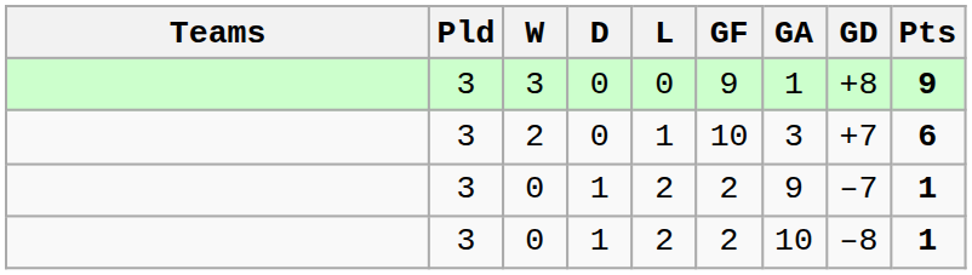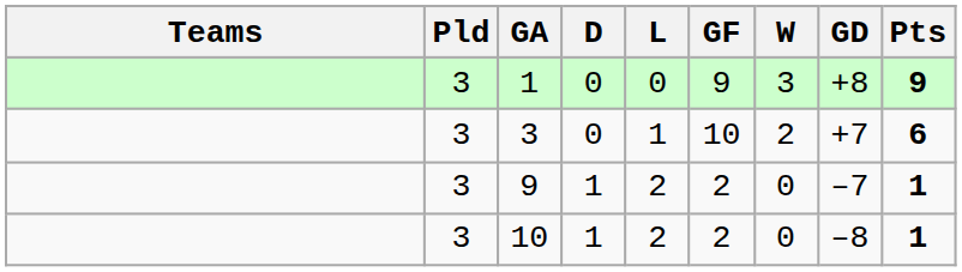 <table class="wikitable" style="text-align: center;">
 <tr>
 <th width=165>Teams</th>
 <th width=20>Pld</th>
-<th width=20>W</th>
+<th width=20>GA</th>
 <th width=20>D</th>
 <th width=20>L</th>
 <th width=20>GF</th>
-<th width=20>GA</th>
+<th width=20>W</th>
 <th width=20>GD</th>
 <th width=20>Pts</th>
 </tr>
 <tr align=center style="background:#ccffcc;">
 <td style="text-align:left;"></td>
 <td>3</td>
-<td>3</td>
+<td>1</td>
 <td>0</td>
 <td>0</td>
 <td>9</td>
-<td>1</td>
+<td>3</td>
 <td>+8</td>
 <td><strong>9</strong></td>
 </tr>
 <tr align=center>
 <td style="text-align:left;"></td>
 <td>3</td>
-<td>2</td>
+<td>3</td>
 <td>0</td>
 <td>1</td>
 <td>10</td>
-<td>3</td>
+<td>2</td>
 <td>+7</td>
 <td><strong>6</strong></td>
 </tr>
 <tr align=center>
 <td style="text-align:left;"></td>
 <td>3</td>
-<td>0</td>
+<td>9</td>
 <td>1</td>
 <td>2</td>
 <td>2</td>
-<td>9</td>
+<td>0</td>
 <td>–7</td>
 <td><strong>1</strong></td>
 </tr>
 <tr align=center>
 <td style="text-align:left;"></td>
 <td>3</td>
-<td>0</td>
+<td>10</td>
 <td>1</td>
 <td>2</td>
 <td>2</td>
-<td>10</td>
+<td>0</td>
 <td>–8</td>
 <td><strong>1</strong></td>
 </tr>
 </table>
